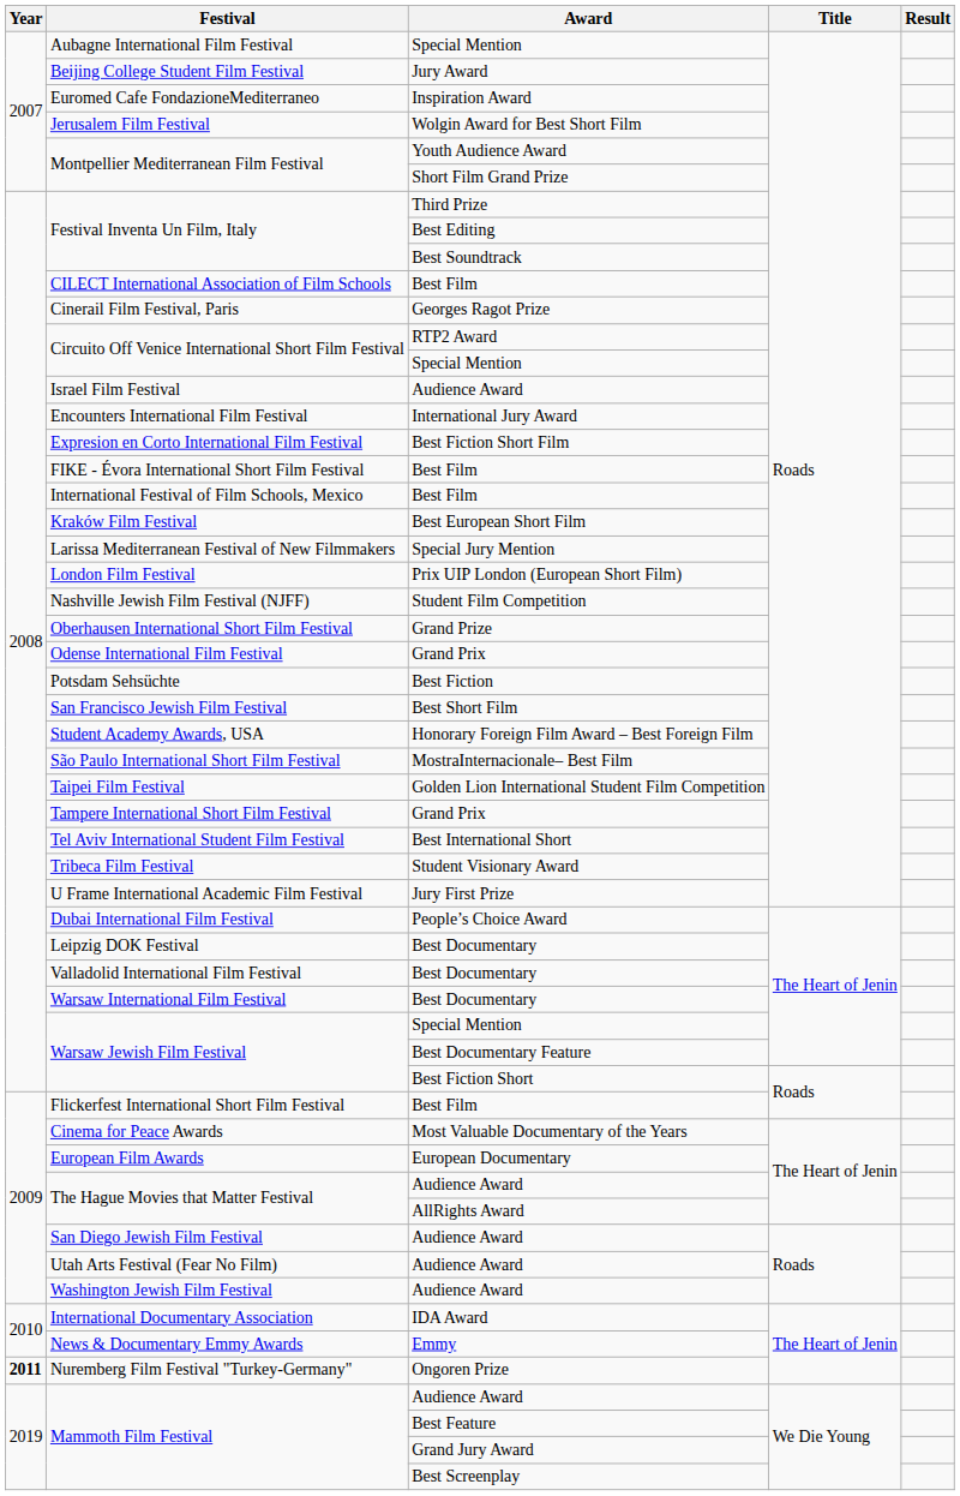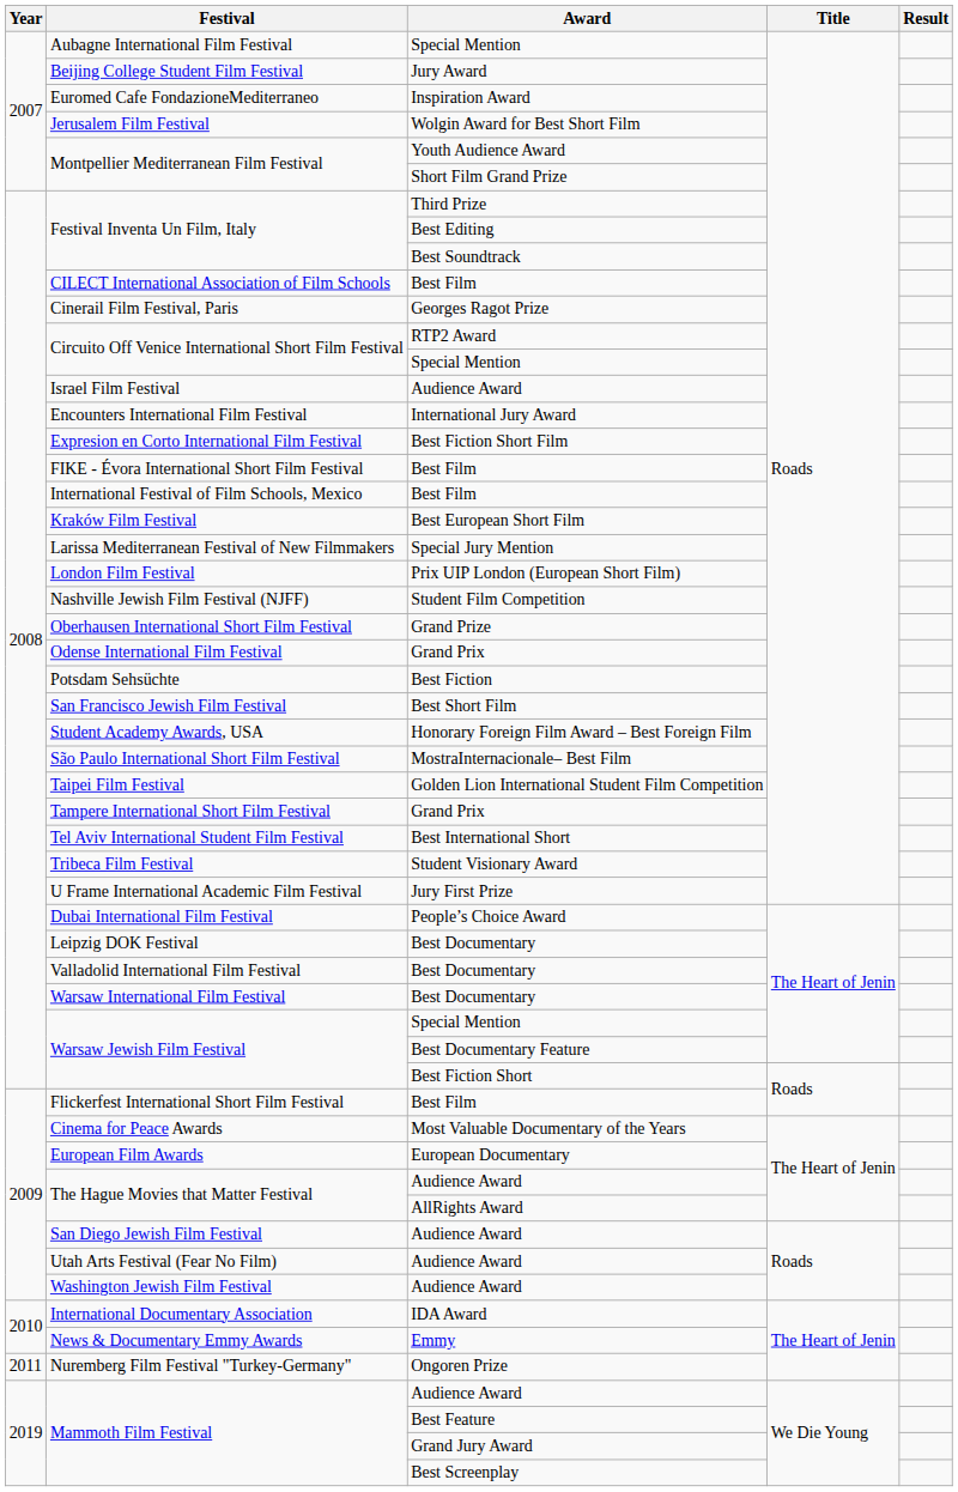 <table class="wikitable sortable">
 <tr>
 <th>Year</th>
 <th>Festival</th>
 <th>Award</th>
 <th>Title</th>
 <th>Result</th>
 </tr>
 <tr>
 <td rowspan="6">2007</td>
 <td>Aubagne International Film Festival</td>
 <td>Special Mention</td>
 <td rowspan="33">Roads</td>
 <td></td>
 </tr>
 <tr>
 <td><a href='#'>Beijing College Student Film Festival</a></td>
 <td>Jury Award</td>
 <td></td>
 </tr>
 <tr>
 <td>Euromed Cafe FondazioneMediterraneo</td>
 <td>Inspiration Award</td>
 <td></td>
 </tr>
 <tr>
 <td><a href='#'>Jerusalem Film Festival</a></td>
 <td>Wolgin Award for Best Short Film</td>
 <td></td>
 </tr>
 <tr>
 <td rowspan="2">Montpellier Mediterranean Film Festival</td>
 <td>Youth Audience Award</td>
 <td></td>
 </tr>
 <tr>
 <td>Short Film Grand Prize</td>
 <td></td>
 </tr>
 <tr>
 <td rowspan="34">2008</td>
 <td rowspan="3">Festival Inventa Un Film, Italy</td>
 <td>Third Prize</td>
 <td></td>
 </tr>
 <tr>
 <td>Best Editing</td>
 <td></td>
 </tr>
 <tr>
 <td>Best Soundtrack</td>
 <td></td>
 </tr>
 <tr>
 <td><a href='#'>CILECT International Association of Film Schools</a></td>
 <td>Best Film</td>
 <td></td>
 </tr>
 <tr>
 <td>Cinerail Film Festival, Paris</td>
 <td>Georges Ragot Prize</td>
 <td></td>
 </tr>
 <tr>
 <td rowspan="2">Circuito Off Venice International Short Film Festival</td>
 <td>RTP2 Award</td>
 <td></td>
 </tr>
 <tr>
 <td>Special Mention</td>
 <td></td>
 </tr>
 <tr>
 <td>Israel Film Festival</td>
 <td>Audience Award</td>
 <td></td>
 </tr>
 <tr>
 <td>Encounters International Film Festival</td>
 <td>International Jury Award</td>
 <td></td>
 </tr>
 <tr>
 <td><a href='#'>Expresion en Corto International Film Festival</a></td>
 <td>Best Fiction Short Film</td>
 <td></td>
 </tr>
 <tr>
 <td>FIKE - Évora International Short Film Festival</td>
 <td>Best Film</td>
 <td></td>
 </tr>
 <tr>
 <td>International Festival of Film Schools, Mexico</td>
 <td>Best Film</td>
 <td></td>
 </tr>
 <tr>
 <td><a href='#'>Kraków Film Festival</a></td>
 <td>Best European Short Film</td>
 <td></td>
 </tr>
 <tr>
 <td>Larissa Mediterranean Festival of New Filmmakers</td>
 <td>Special Jury Mention</td>
 <td></td>
 </tr>
 <tr>
 <td><a href='#'>London Film Festival</a></td>
 <td>Prix UIP London (European Short Film)</td>
 <td></td>
 </tr>
 <tr>
 <td>Nashville Jewish Film Festival (NJFF)</td>
 <td>Student Film Competition</td>
 <td></td>
 </tr>
 <tr>
 <td><a href='#'>Oberhausen International Short Film Festival</a></td>
 <td>Grand Prize</td>
 <td></td>
 </tr>
 <tr>
 <td><a href='#'>Odense International Film Festival</a></td>
 <td>Grand Prix</td>
 <td></td>
 </tr>
 <tr>
 <td>Potsdam Sehsüchte</td>
 <td>Best Fiction</td>
 <td></td>
 </tr>
 <tr>
 <td><a href='#'>San Francisco Jewish Film Festival</a></td>
 <td>Best Short Film</td>
 <td></td>
 </tr>
 <tr>
 <td><a href='#'>Student Academy Awards</a>, USA</td>
 <td>Honorary Foreign Film Award – Best Foreign Film</td>
 <td></td>
 </tr>
 <tr>
 <td><a href='#'>São Paulo International Short Film Festival</a></td>
 <td>MostraInternacionale– Best Film</td>
 <td></td>
 </tr>
 <tr>
 <td><a href='#'>Taipei Film Festival</a></td>
 <td>Golden Lion International Student Film Competition</td>
 <td></td>
 </tr>
 <tr>
 <td><a href='#'>Tampere International Short Film Festival</a></td>
 <td>Grand Prix</td>
 <td></td>
 </tr>
 <tr>
 <td><a href='#'>Tel Aviv International Student Film Festival</a></td>
 <td>Best International Short</td>
 <td></td>
 </tr>
 <tr>
 <td><a href='#'>Tribeca Film Festival</a></td>
 <td>Student Visionary Award</td>
 <td></td>
 </tr>
 <tr>
 <td>U Frame International Academic Film Festival</td>
 <td>Jury First Prize</td>
 <td></td>
 </tr>
 <tr>
 <td><a href='#'>Dubai International Film Festival</a></td>
 <td>People’s Choice Award</td>
 <td rowspan="6"><a href='#'>The Heart of Jenin</a></td>
 <td></td>
 </tr>
 <tr>
 <td>Leipzig DOK Festival</td>
 <td>Best Documentary</td>
 <td></td>
 </tr>
 <tr>
 <td>Valladolid International Film Festival</td>
 <td>Best Documentary</td>
 <td></td>
 </tr>
 <tr>
 <td><a href='#'>Warsaw International Film Festival</a></td>
 <td>Best Documentary</td>
 <td></td>
 </tr>
 <tr>
 <td rowspan="3"><a href='#'>Warsaw Jewish Film Festival</a></td>
 <td>Special Mention</td>
 <td></td>
 </tr>
 <tr>
 <td>Best Documentary Feature</td>
 <td></td>
 </tr>
 <tr>
 <td>Best Fiction Short</td>
 <td rowspan="2">Roads</td>
 <td></td>
 </tr>
 <tr>
 <td rowspan="8">2009</td>
 <td>Flickerfest International Short Film Festival</td>
 <td>Best Film</td>
 <td></td>
 </tr>
 <tr>
 <td><a href='#'>Cinema for Peace</a> Awards</td>
 <td>Most Valuable Documentary of the Years</td>
 <td rowspan="4">The Heart of Jenin</td>
 <td></td>
 </tr>
 <tr>
 <td><a href='#'>European Film Awards</a></td>
 <td>European Documentary</td>
 <td></td>
 </tr>
 <tr>
 <td rowspan="2">The Hague Movies that Matter Festival</td>
 <td>Audience Award</td>
 <td></td>
 </tr>
 <tr>
 <td>AllRights Award</td>
 <td></td>
 </tr>
 <tr>
 <td><a href='#'>San Diego Jewish Film Festival</a></td>
 <td>Audience Award</td>
 <td rowspan="3">Roads</td>
 <td></td>
 </tr>
 <tr>
 <td>Utah Arts Festival (Fear No Film)</td>
 <td>Audience Award</td>
 <td></td>
 </tr>
 <tr>
 <td><a href='#'>Washington Jewish Film Festival</a></td>
 <td>Audience Award</td>
 <td></td>
 </tr>
 <tr>
 <td rowspan="2">2010</td>
 <td><a href='#'>International Documentary Association</a></td>
 <td>IDA Award</td>
 <td rowspan="3"><a href='#'>The Heart of Jenin</a></td>
 <td></td>
 </tr>
 <tr>
 <td><a href='#'>News & Documentary Emmy Awards</a></td>
 <td><a href='#'>Emmy</a></td>
 <td></td>
 </tr>
 <tr>
-<td><strong>2011</strong></td>
+<td>2011</td>
 <td>Nuremberg Film Festival "Turkey-Germany"</td>
 <td>Ongoren Prize</td>
 <td></td>
 </tr>
 <tr>
 <td rowspan="4">2019</td>
 <td rowspan="4"><a href='#'>Mammoth Film Festival</a></td>
 <td>Audience Award</td>
 <td rowspan="4">We Die Young</td>
 <td></td>
 </tr>
 <tr>
 <td>Best Feature</td>
 <td></td>
 </tr>
 <tr>
 <td>Grand Jury Award</td>
 <td></td>
 </tr>
 <tr>
 <td>Best Screenplay</td>
 <td></td>
 </tr>
 </table>
